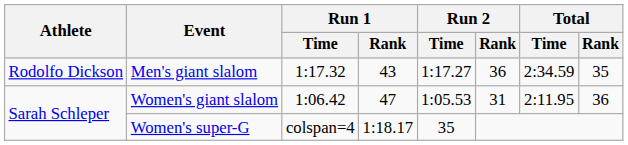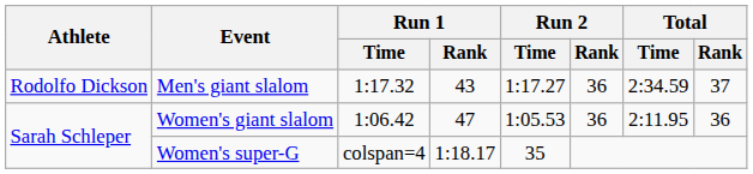 <table class=wikitable style=font-size:90%;text-align:center>
 <tr>
 <th rowspan=2>Athlete</th>
 <th rowspan=2>Event</th>
 <th colspan=2>Run 1</th>
 <th colspan=2>Run 2</th>
 <th colspan=2>Total</th>
 </tr>
 <tr style="font-size:95%">
 <th>Time</th>
 <th>Rank</th>
 <th>Time</th>
 <th>Rank</th>
 <th>Time</th>
 <th>Rank</th>
 </tr>
 <tr>
 <td align=left><a href='#'>Rodolfo Dickson</a></td>
 <td align=left><a href='#'>Men's giant slalom</a></td>
 <td>1:17.32</td>
 <td>43</td>
 <td>1:17.27</td>
 <td>36</td>
 <td>2:34.59</td>
-<td>35</td>
+<td>37</td>
 </tr>
 <tr>
 <td align=left rowspan=2><a href='#'>Sarah Schleper</a></td>
 <td align=left><a href='#'>Women's giant slalom</a></td>
 <td>1:06.42</td>
 <td>47</td>
 <td>1:05.53</td>
-<td>31</td>
+<td>36</td>
 <td>2:11.95</td>
 <td>36</td>
 </tr>
 <tr>
 <td align=left><a href='#'>Women's super-G</a></td>
 <td>colspan=4 </td>
 <td>1:18.17</td>
 <td>35</td>
 </tr>
 </table>
